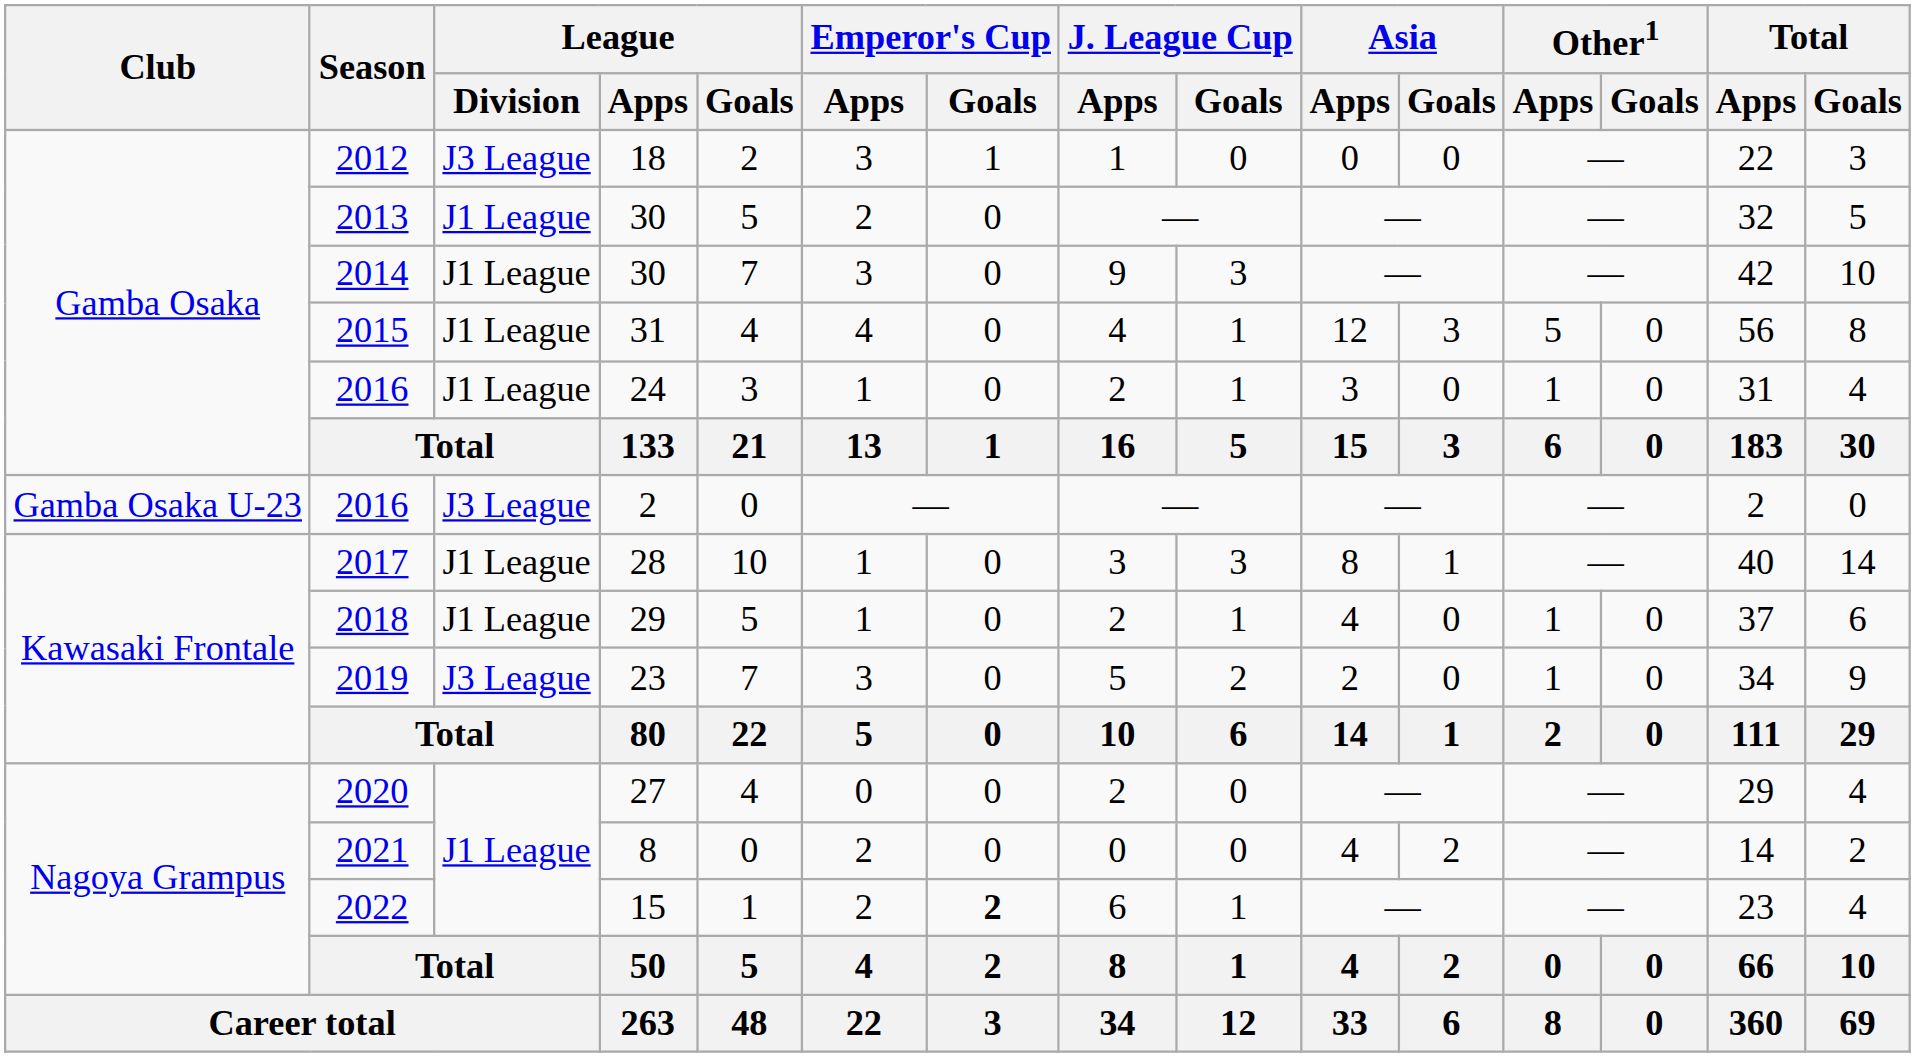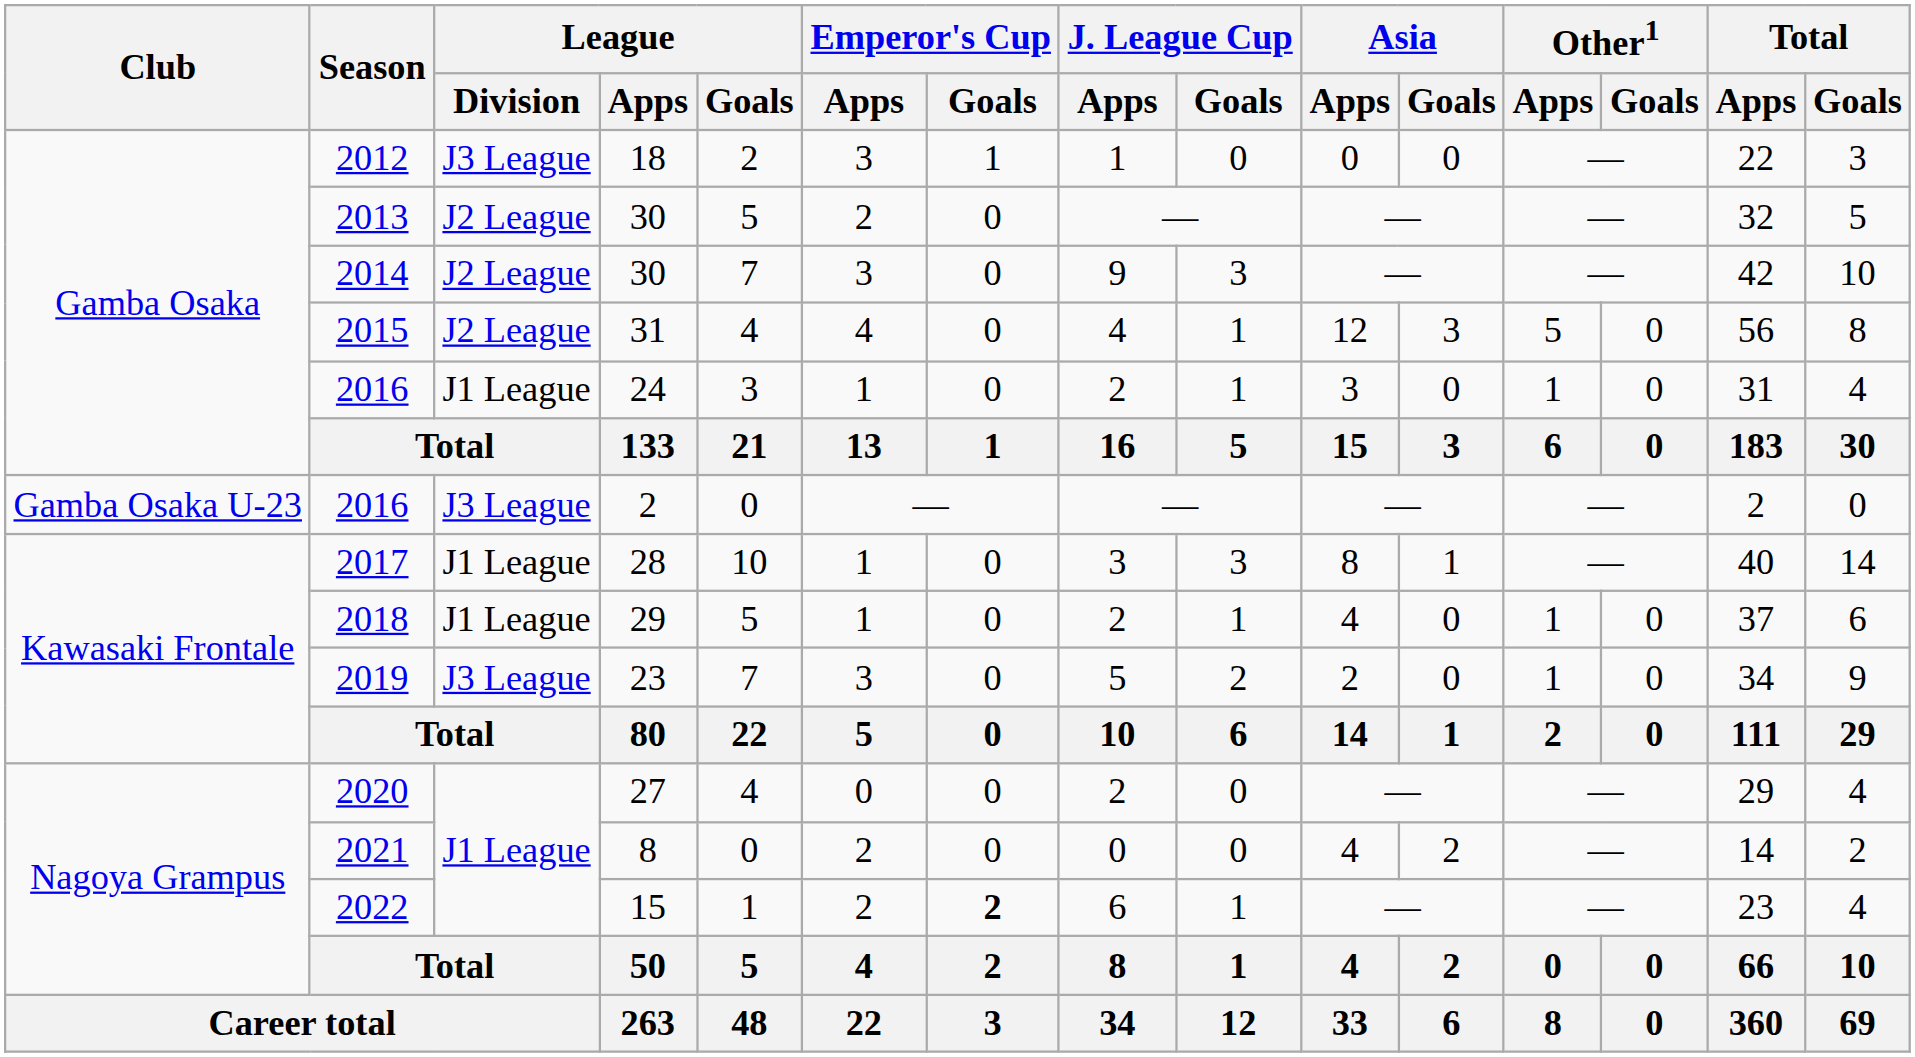 <table class="wikitable" style="text-align:center">
 <tr>
 <th rowspan="2">Club</th>
 <th rowspan="2">Season</th>
 <th colspan="3">League</th>
 <th colspan="2"><a href='#'>Emperor's Cup</a></th>
 <th colspan="2"><a href='#'>J. League Cup</a></th>
 <th colspan="2"><a href='#'>Asia</a></th>
 <th colspan=2>Other<sup>1</sup></th>
 <th colspan=2>Total</th>
 </tr>
 <tr>
 <th>Division</th>
 <th>Apps</th>
 <th>Goals</th>
 <th>Apps</th>
 <th>Goals</th>
 <th>Apps</th>
 <th>Goals</th>
 <th>Apps</th>
 <th>Goals</th>
 <th>Apps</th>
 <th>Goals</th>
 <th>Apps</th>
 <th>Goals</th>
 </tr>
 <tr>
 <td rowspan="6"><a href='#'>Gamba Osaka</a></td>
 <td><a href='#'>2012</a></td>
 <td rowspan="1"><a href='#'>J3 League</a></td>
 <td>18</td>
 <td>2</td>
 <td>3</td>
 <td>1</td>
 <td>1</td>
 <td>0</td>
 <td>0</td>
 <td>0</td>
 <td colspan="2">—</td>
 <td>22</td>
 <td>3</td>
 </tr>
 <tr>
 <td><a href='#'>2013</a></td>
-<td><a href='#'>J1 League</a></td>
+<td><a href='#'>J2 League</a></td>
 <td>30</td>
 <td>5</td>
 <td>2</td>
 <td>0</td>
 <td colspan="2">—</td>
 <td colspan="2">—</td>
 <td colspan="2">—</td>
 <td>32</td>
 <td>5</td>
 </tr>
 <tr>
 <td><a href='#'>2014</a></td>
-<td>J1 League</td>
+<td><a href='#'>J2 League</a></td>
 <td>30</td>
 <td>7</td>
 <td>3</td>
 <td>0</td>
 <td>9</td>
 <td>3</td>
 <td colspan="2">—</td>
 <td colspan="2">—</td>
 <td>42</td>
 <td>10</td>
 </tr>
 <tr>
 <td><a href='#'>2015</a></td>
-<td>J1 League</td>
+<td><a href='#'>J2 League</a></td>
 <td>31</td>
 <td>4</td>
 <td>4</td>
 <td>0</td>
 <td>4</td>
 <td>1</td>
 <td>12</td>
 <td>3</td>
 <td>5</td>
 <td>0</td>
 <td>56</td>
 <td>8</td>
 </tr>
 <tr>
 <td><a href='#'>2016</a></td>
 <td>J1 League</td>
 <td>24</td>
 <td>3</td>
 <td>1</td>
 <td>0</td>
 <td>2</td>
 <td>1</td>
 <td>3</td>
 <td>0</td>
 <td>1</td>
 <td>0</td>
 <td>31</td>
 <td>4</td>
 </tr>
 <tr>
 <th colspan="2">Total</th>
 <th>133</th>
 <th>21</th>
 <th>13</th>
 <th>1</th>
 <th>16</th>
 <th>5</th>
 <th>15</th>
 <th>3</th>
 <th>6</th>
 <th>0</th>
 <th>183</th>
 <th>30</th>
 </tr>
 <tr>
 <td rowspan="1"><a href='#'>Gamba Osaka U-23</a></td>
 <td><a href='#'>2016</a></td>
 <td rowspan="1"><a href='#'>J3 League</a></td>
 <td>2</td>
 <td>0</td>
 <td colspan="2">—</td>
 <td colspan="2">—</td>
 <td colspan="2">—</td>
 <td colspan="2">—</td>
 <td>2</td>
 <td>0</td>
 </tr>
 <tr>
 <td rowspan="4"><a href='#'>Kawasaki Frontale</a></td>
 <td><a href='#'>2017</a></td>
 <td>J1 League</td>
 <td>28</td>
 <td>10</td>
 <td>1</td>
 <td>0</td>
 <td>3</td>
 <td>3</td>
 <td>8</td>
 <td>1</td>
 <td colspan="2">—</td>
 <td>40</td>
 <td>14</td>
 </tr>
 <tr>
 <td><a href='#'>2018</a></td>
 <td>J1 League</td>
 <td>29</td>
 <td>5</td>
 <td>1</td>
 <td>0</td>
 <td>2</td>
 <td>1</td>
 <td>4</td>
 <td>0</td>
 <td>1</td>
 <td>0</td>
 <td>37</td>
 <td>6</td>
 </tr>
 <tr>
 <td><a href='#'>2019</a></td>
 <td rowspan="1"><a href='#'>J3 League</a></td>
 <td>23</td>
 <td>7</td>
 <td>3</td>
 <td>0</td>
 <td>5</td>
 <td>2</td>
 <td>2</td>
 <td>0</td>
 <td>1</td>
 <td>0</td>
 <td>34</td>
 <td>9</td>
 </tr>
 <tr>
 <th colspan="2">Total</th>
 <th>80</th>
 <th>22</th>
 <th>5</th>
 <th>0</th>
 <th>10</th>
 <th>6</th>
 <th>14</th>
 <th>1</th>
 <th>2</th>
 <th>0</th>
 <th>111</th>
 <th>29</th>
 </tr>
 <tr>
 <td rowspan="4"><a href='#'>Nagoya Grampus</a></td>
 <td><a href='#'>2020</a></td>
 <td rowspan="3"><a href='#'>J1 League</a></td>
 <td>27</td>
 <td>4</td>
 <td>0</td>
 <td>0</td>
 <td>2</td>
 <td>0</td>
 <td colspan="2">—</td>
 <td colspan="2">—</td>
 <td>29</td>
 <td>4</td>
 </tr>
 <tr>
 <td><a href='#'>2021</a></td>
 <td>8</td>
 <td>0</td>
 <td>2</td>
 <td>0</td>
 <td>0</td>
 <td>0</td>
 <td>4</td>
 <td>2</td>
 <td colspan="2">—</td>
 <td>14</td>
 <td>2</td>
 </tr>
 <tr>
 <td><a href='#'>2022</a></td>
 <td>15</td>
 <td>1</td>
 <td>2</td>
 <td><strong>2</strong></td>
 <td>6</td>
 <td>1</td>
 <td colspan="2">—</td>
 <td colspan="2">—</td>
 <td>23</td>
 <td>4</td>
 </tr>
 <tr>
 <th colspan="2">Total</th>
 <th>50</th>
 <th>5</th>
 <th>4</th>
 <th>2</th>
 <th>8</th>
 <th>1</th>
 <th>4</th>
 <th>2</th>
 <th>0</th>
 <th>0</th>
 <th>66</th>
 <th>10</th>
 </tr>
 <tr>
 <th colspan="3">Career total</th>
 <th>263</th>
 <th>48</th>
 <th>22</th>
 <th>3</th>
 <th>34</th>
 <th>12</th>
 <th>33</th>
 <th>6</th>
 <th>8</th>
 <th>0</th>
 <th>360</th>
 <th>69</th>
 </tr>
 </table>
